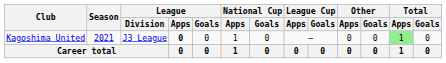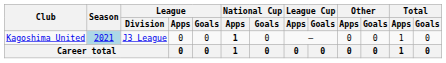 <table class="wikitable" style="text-align: center">
 <tr>
 <th rowspan="2">Club</th>
 <th rowspan="2">Season</th>
 <th colspan="3">League</th>
 <th colspan="2">National Cup</th>
 <th colspan="2">League Cup</th>
 <th colspan="2">Other</th>
 <th colspan="2">Total</th>
 </tr>
 <tr>
 <th>Division</th>
 <th>Apps</th>
 <th>Goals</th>
 <th>Apps</th>
 <th>Goals</th>
 <th>Apps</th>
 <th>Goals</th>
 <th>Apps</th>
 <th>Goals</th>
 <th>Apps</th>
 <th>Goals</th>
 </tr>
 <tr>
 <td><a href='#'>Kagoshima United</a></td>
-<td><a href='#'>2021</a></td>
+<td style="background: lightblue;"><a href='#'>2021</a></td>
 <td><a href='#'>J3 League</a></td>
-<td><strong>0</strong></td>
 <td>0</td>
-<td>1</td>
+<td>0</td>
+<td><strong>1</strong></td>
 <td>0</td>
 <td colspan="2">–</td>
 <td>0</td>
 <td>0</td>
-<td style="background: lightgreen;">1</td>
+<td>1</td>
 <td>0</td>
 </tr>
 <tr>
 <th colspan=3>Career total</th>
 <th>0</th>
 <th>0</th>
 <th>1</th>
 <th>0</th>
 <th>0</th>
 <th>0</th>
 <th>0</th>
 <th>0</th>
 <th>1</th>
 <th>0</th>
 </tr>
 </table>
